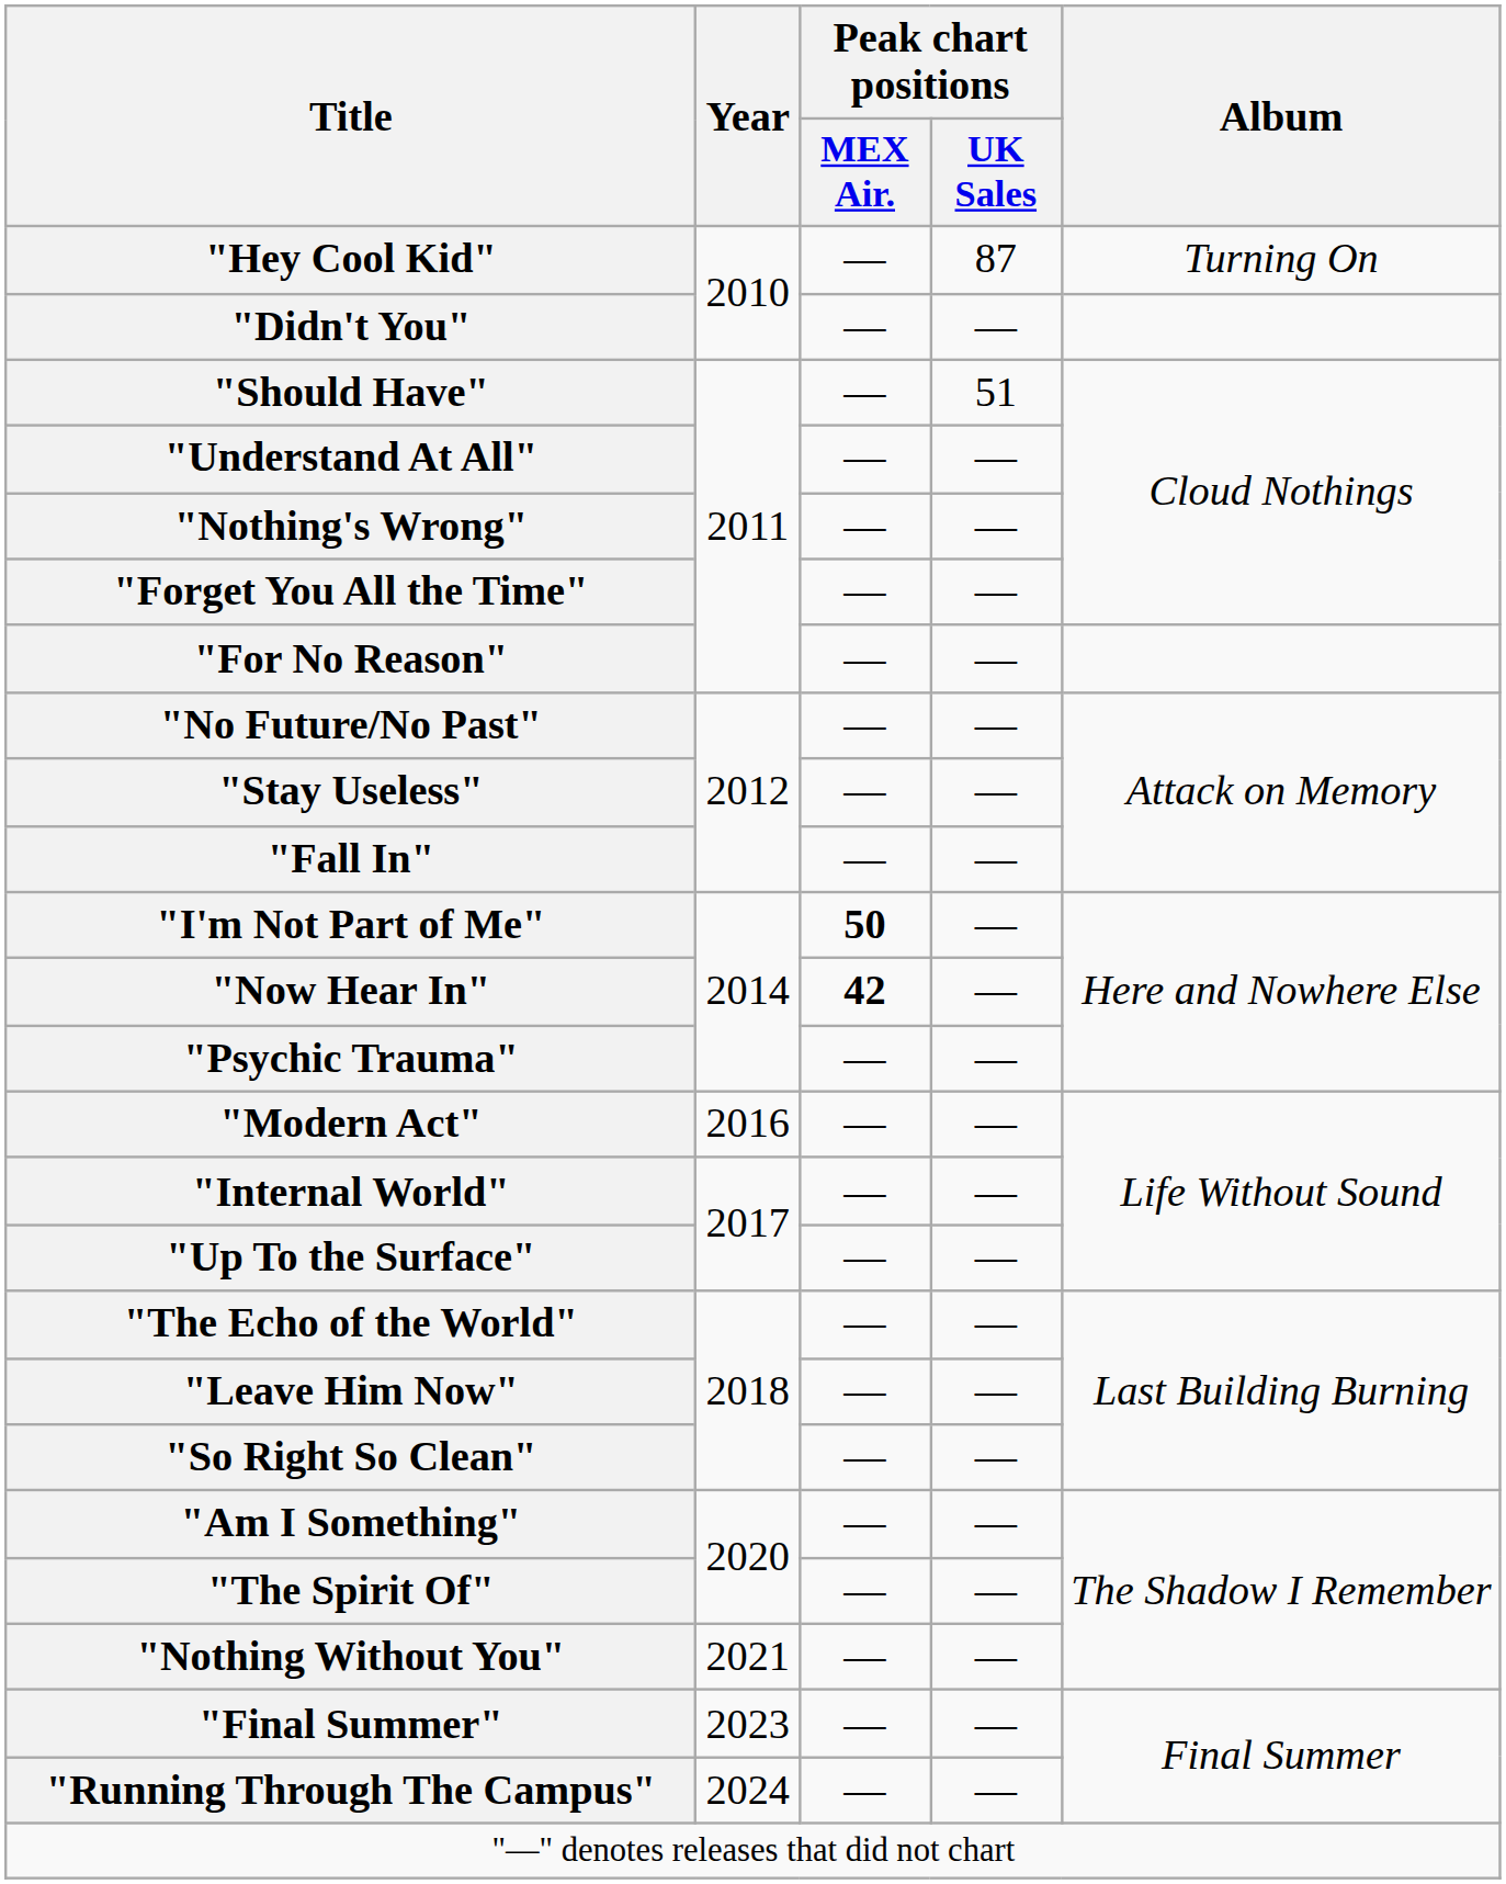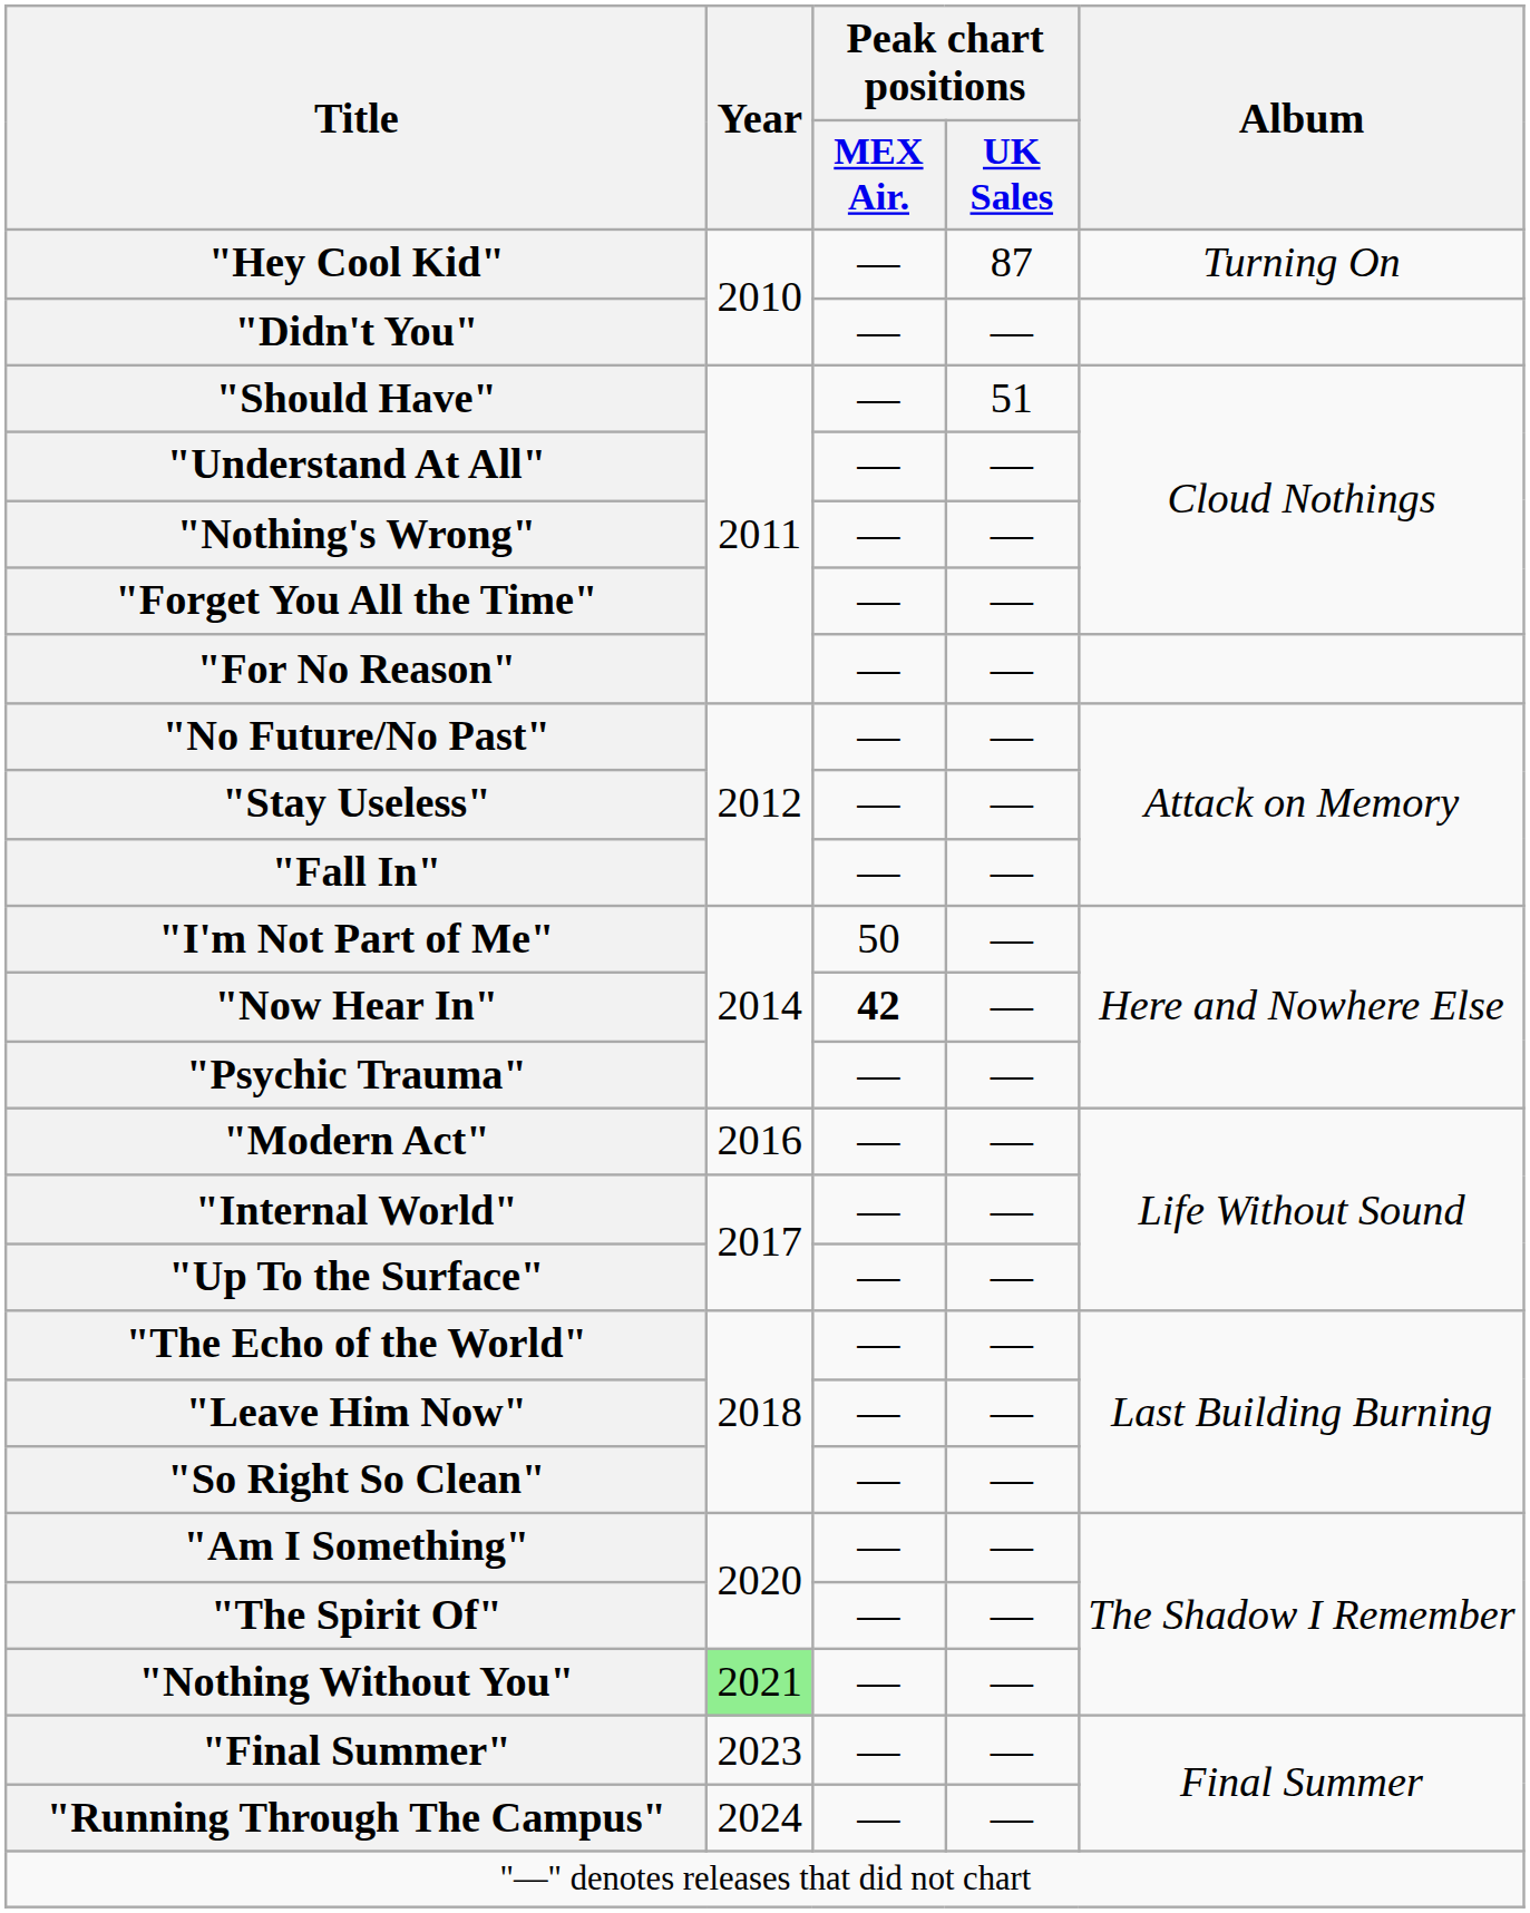 <table class="wikitable plainrowheaders" style="text-align:center;">
 <tr>
 <th scope="col" rowspan="2" style="width:16em;">Title</th>
 <th scope="col" rowspan="2">Year</th>
 <th scope="col" colspan="2">Peak chart positions</th>
 <th scope="col" rowspan="2">Album</th>
 </tr>
 <tr>
 <th scope="col" style="width:3em;font-size:90%;"><a href='#'>MEX<br>Air.</a><br></th>
 <th scope="col" style="width:3em;font-size:90%;"><a href='#'>UK<br>Sales</a><br></th>
 </tr>
 <tr>
 <th scope="row">"Hey Cool Kid"</th>
 <td rowspan="2">2010</td>
 <td>—</td>
 <td>87</td>
 <td rowspan="1"><em>Turning On</em></td>
 </tr>
 <tr>
 <th scope="row">"Didn't You"</th>
 <td>—</td>
 <td>—</td>
 <td></td>
 </tr>
 <tr>
 <th scope="row">"Should Have"</th>
 <td rowspan="5">2011</td>
 <td>—</td>
 <td>51</td>
 <td rowspan="4"><em>Cloud Nothings</em></td>
 </tr>
 <tr>
 <th scope="row">"Understand At All"</th>
 <td>—</td>
 <td>—</td>
 </tr>
 <tr>
 <th scope="row">"Nothing's Wrong"</th>
 <td>—</td>
 <td>—</td>
 </tr>
 <tr>
 <th scope="row">"Forget You All the Time"</th>
 <td>—</td>
 <td>—</td>
 </tr>
 <tr>
 <th scope="row">"For No Reason"</th>
 <td>—</td>
 <td>—</td>
 <td></td>
 </tr>
 <tr>
 <th scope="row">"No Future/No Past"</th>
 <td rowspan="3">2012</td>
 <td>—</td>
 <td>—</td>
 <td rowspan="3"><em>Attack on Memory</em></td>
 </tr>
 <tr>
 <th scope="row">"Stay Useless"</th>
 <td>—</td>
 <td>—</td>
 </tr>
 <tr>
 <th scope="row">"Fall In"</th>
 <td>—</td>
 <td>—</td>
 </tr>
 <tr>
 <th scope="row">"I'm Not Part of Me"</th>
 <td rowspan="3">2014</td>
-<td><strong>50</strong></td>
+<td>50</td>
 <td>—</td>
 <td rowspan="3"><em>Here and Nowhere Else</em></td>
 </tr>
 <tr>
 <th scope="row">"Now Hear In"</th>
 <td><strong>42</strong></td>
 <td>—</td>
 </tr>
 <tr>
 <th scope="row">"Psychic Trauma"</th>
 <td>—</td>
 <td>—</td>
 </tr>
 <tr>
 <th scope="row">"Modern Act"</th>
 <td rowspan="1">2016</td>
 <td>—</td>
 <td>—</td>
 <td rowspan="3"><em>Life Without Sound</em></td>
 </tr>
 <tr>
 <th scope="row">"Internal World"</th>
 <td rowspan="2">2017</td>
 <td>—</td>
 <td>—</td>
 </tr>
 <tr>
 <th scope="row">"Up To the Surface"</th>
 <td>—</td>
 <td>—</td>
 </tr>
 <tr>
 <th scope="row">"The Echo of the World"</th>
 <td rowspan="3">2018</td>
 <td>—</td>
 <td>—</td>
 <td rowspan="3"><em>Last Building Burning</em></td>
 </tr>
 <tr>
 <th scope="row">"Leave Him Now"</th>
 <td>—</td>
 <td>—</td>
 </tr>
 <tr>
 <th scope="row">"So Right So Clean"</th>
 <td>—</td>
 <td>—</td>
 </tr>
 <tr>
 <th scope="row">"Am I Something"</th>
 <td rowspan="2">2020</td>
 <td>—</td>
 <td>—</td>
 <td rowspan="3"><em>The Shadow I Remember</em></td>
 </tr>
 <tr>
 <th scope="row">"The Spirit Of"</th>
 <td>—</td>
 <td>—</td>
 </tr>
 <tr>
 <th scope="row">"Nothing Without You"</th>
-<td rowspan="1">2021</td>
+<td rowspan="1" style="background: lightgreen;">2021</td>
 <td>—</td>
 <td>—</td>
 </tr>
 <tr>
 <th scope="row">"Final Summer"</th>
 <td rowspan="1">2023</td>
 <td>—</td>
 <td>—</td>
 <td rowspan="2"><em>Final Summer</em></td>
 </tr>
 <tr>
 <th scope="row">"Running Through The Campus"</th>
 <td rowspan="1">2024</td>
 <td>—</td>
 <td>—</td>
 </tr>
 <tr>
 <td colspan="8" style="font-size:80%">"—" denotes releases that did not chart</td>
 </tr>
 </table>
